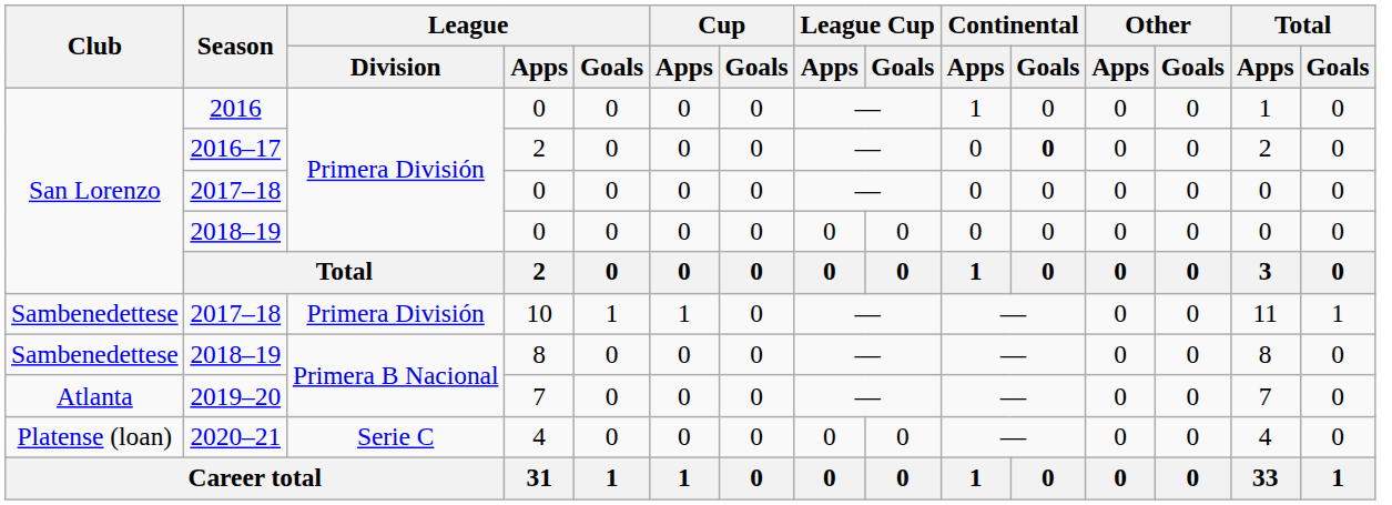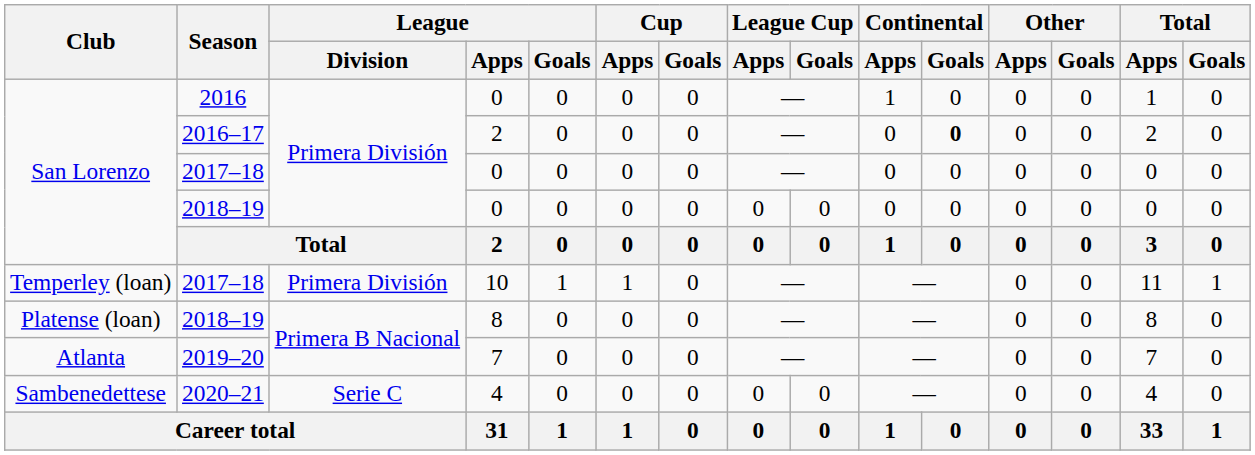 <table class="wikitable" style="text-align:center">
 <tr>
 <th rowspan="2">Club</th>
 <th rowspan="2">Season</th>
 <th colspan="3">League</th>
 <th colspan="2">Cup</th>
 <th colspan="2">League Cup</th>
 <th colspan="2">Continental</th>
 <th colspan="2">Other</th>
 <th colspan="2">Total</th>
 </tr>
 <tr>
 <th>Division</th>
 <th>Apps</th>
 <th>Goals</th>
 <th>Apps</th>
 <th>Goals</th>
 <th>Apps</th>
 <th>Goals</th>
 <th>Apps</th>
 <th>Goals</th>
 <th>Apps</th>
 <th>Goals</th>
 <th>Apps</th>
 <th>Goals</th>
 </tr>
 <tr>
 <td rowspan="5"><a href='#'>San Lorenzo</a></td>
 <td><a href='#'>2016</a></td>
 <td rowspan="4"><a href='#'>Primera División</a></td>
 <td>0</td>
 <td>0</td>
 <td>0</td>
 <td>0</td>
 <td colspan="2">—</td>
 <td>1</td>
 <td>0</td>
 <td>0</td>
 <td>0</td>
 <td>1</td>
 <td>0</td>
 </tr>
 <tr>
 <td><a href='#'>2016–17</a></td>
 <td>2</td>
 <td>0</td>
 <td>0</td>
 <td>0</td>
 <td colspan="2">—</td>
 <td>0</td>
 <td><strong>0</strong></td>
 <td>0</td>
 <td>0</td>
 <td>2</td>
 <td>0</td>
 </tr>
 <tr>
 <td><a href='#'>2017–18</a></td>
 <td>0</td>
 <td>0</td>
 <td>0</td>
 <td>0</td>
 <td colspan="2">—</td>
 <td>0</td>
 <td>0</td>
 <td>0</td>
 <td>0</td>
 <td>0</td>
 <td>0</td>
 </tr>
 <tr>
 <td><a href='#'>2018–19</a></td>
 <td>0</td>
 <td>0</td>
 <td>0</td>
 <td>0</td>
 <td>0</td>
 <td>0</td>
 <td>0</td>
 <td>0</td>
 <td>0</td>
 <td>0</td>
 <td>0</td>
 <td>0</td>
 </tr>
 <tr>
 <th colspan="2">Total</th>
 <th>2</th>
 <th>0</th>
 <th>0</th>
 <th>0</th>
 <th>0</th>
 <th>0</th>
 <th>1</th>
 <th>0</th>
 <th>0</th>
 <th>0</th>
 <th>3</th>
 <th>0</th>
 </tr>
 <tr>
-<td rowspan="1"><a href='#'>Sambenedettese</a></td>
+<td rowspan="1"><a href='#'>Temperley</a> (loan)</td>
 <td><a href='#'>2017–18</a></td>
 <td rowspan="1"><a href='#'>Primera División</a></td>
 <td>10</td>
 <td>1</td>
 <td>1</td>
 <td>0</td>
 <td colspan="2">—</td>
 <td colspan="2">—</td>
 <td>0</td>
 <td>0</td>
 <td>11</td>
 <td>1</td>
 </tr>
 <tr>
-<td rowspan="1"><a href='#'>Sambenedettese</a></td>
+<td rowspan="1"><a href='#'>Platense</a> (loan)</td>
 <td><a href='#'>2018–19</a></td>
 <td rowspan="2"><a href='#'>Primera B Nacional</a></td>
 <td>8</td>
 <td>0</td>
 <td>0</td>
 <td>0</td>
 <td colspan="2">—</td>
 <td colspan="2">—</td>
 <td>0</td>
 <td>0</td>
 <td>8</td>
 <td>0</td>
 </tr>
 <tr>
 <td rowspan="1"><a href='#'>Atlanta</a></td>
 <td><a href='#'>2019–20</a></td>
 <td>7</td>
 <td>0</td>
 <td>0</td>
 <td>0</td>
 <td colspan="2">—</td>
 <td colspan="2">—</td>
 <td>0</td>
 <td>0</td>
 <td>7</td>
 <td>0</td>
 </tr>
 <tr>
-<td rowspan="1"><a href='#'>Platense</a> (loan)</td>
+<td rowspan="1"><a href='#'>Sambenedettese</a></td>
 <td><a href='#'>2020–21</a></td>
 <td rowspan="1"><a href='#'>Serie C</a></td>
 <td>4</td>
 <td>0</td>
 <td>0</td>
 <td>0</td>
 <td>0</td>
 <td>0</td>
 <td colspan="2">—</td>
 <td>0</td>
 <td>0</td>
 <td>4</td>
 <td>0</td>
 </tr>
 <tr>
 <th colspan="3">Career total</th>
 <th>31</th>
 <th>1</th>
 <th>1</th>
 <th>0</th>
 <th>0</th>
 <th>0</th>
 <th>1</th>
 <th>0</th>
 <th>0</th>
 <th>0</th>
 <th>33</th>
 <th>1</th>
 </tr>
 </table>
